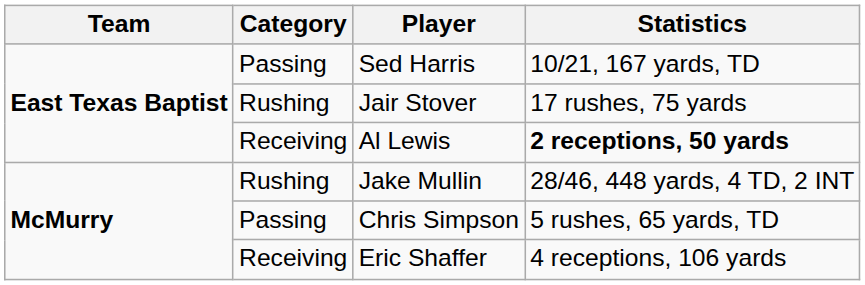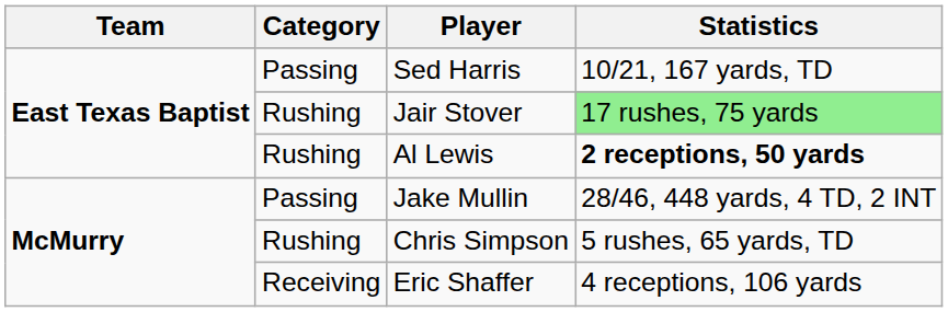 <table class="wikitable" style="float: left;">
 <tr>
 <th>Team</th>
 <th>Category</th>
 <th>Player</th>
 <th>Statistics</th>
 </tr>
 <tr>
 <td rowspan=3><strong>East Texas Baptist</strong></td>
 <td>Passing</td>
 <td>Sed Harris</td>
 <td>10/21, 167 yards, TD</td>
 </tr>
 <tr>
 <td>Rushing</td>
 <td>Jair Stover</td>
-<td>17 rushes, 75 yards</td>
+<td style="background: lightgreen;">17 rushes, 75 yards</td>
 </tr>
 <tr>
-<td>Receiving</td>
+<td>Rushing</td>
 <td>Al Lewis</td>
 <td><strong>2 receptions, 50 yards</strong></td>
 </tr>
 <tr>
 <td rowspan=3><strong>McMurry</strong></td>
-<td>Rushing</td>
+<td>Passing</td>
 <td>Jake Mullin</td>
 <td>28/46, 448 yards, 4 TD, 2 INT</td>
 </tr>
 <tr>
-<td>Passing</td>
+<td>Rushing</td>
 <td>Chris Simpson</td>
 <td>5 rushes, 65 yards, TD</td>
 </tr>
 <tr>
 <td>Receiving</td>
 <td>Eric Shaffer</td>
 <td>4 receptions, 106 yards</td>
 </tr>
 </table>
